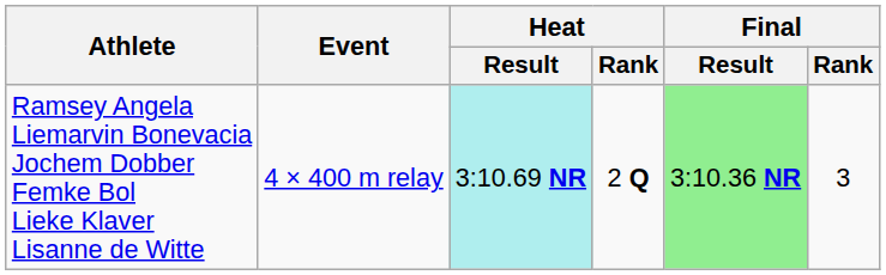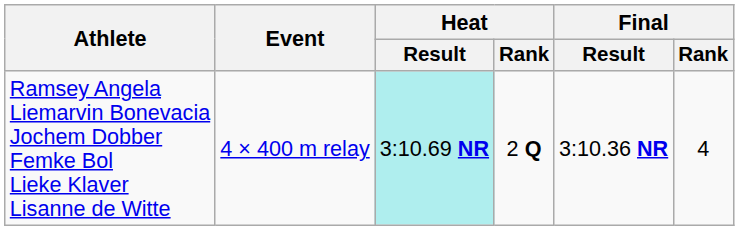 <table class="wikitable" style="font-size:90%">
 <tr>
 <th rowspan="2">Athlete</th>
 <th rowspan="2">Event</th>
 <th colspan="2">Heat</th>
 <th colspan="2">Final</th>
 </tr>
 <tr style="font-size:95%">
 <th>Result</th>
 <th>Rank</th>
 <th>Result</th>
 <th>Rank</th>
 </tr>
 <tr align=center>
 <td align=left><a href='#'>Ramsey Angela</a><br><a href='#'>Liemarvin Bonevacia</a><br><a href='#'>Jochem Dobber</a><br><a href='#'>Femke Bol</a><br><a href='#'>Lieke Klaver</a><br><a href='#'>Lisanne de Witte</a></td>
 <td align=left><a href='#'>4 × 400 m relay</a></td>
 <td style="background: paleturquoise;">3:10.69 <strong><a href='#'>NR</a></strong></td>
 <td>2 <strong>Q</strong></td>
-<td style="background: lightgreen;">3:10.36 <strong><a href='#'>NR</a></strong></td>
-<td>3</td>
+<td>3:10.36 <strong><a href='#'>NR</a></strong></td>
+<td>4</td>
 </tr>
 </table>
